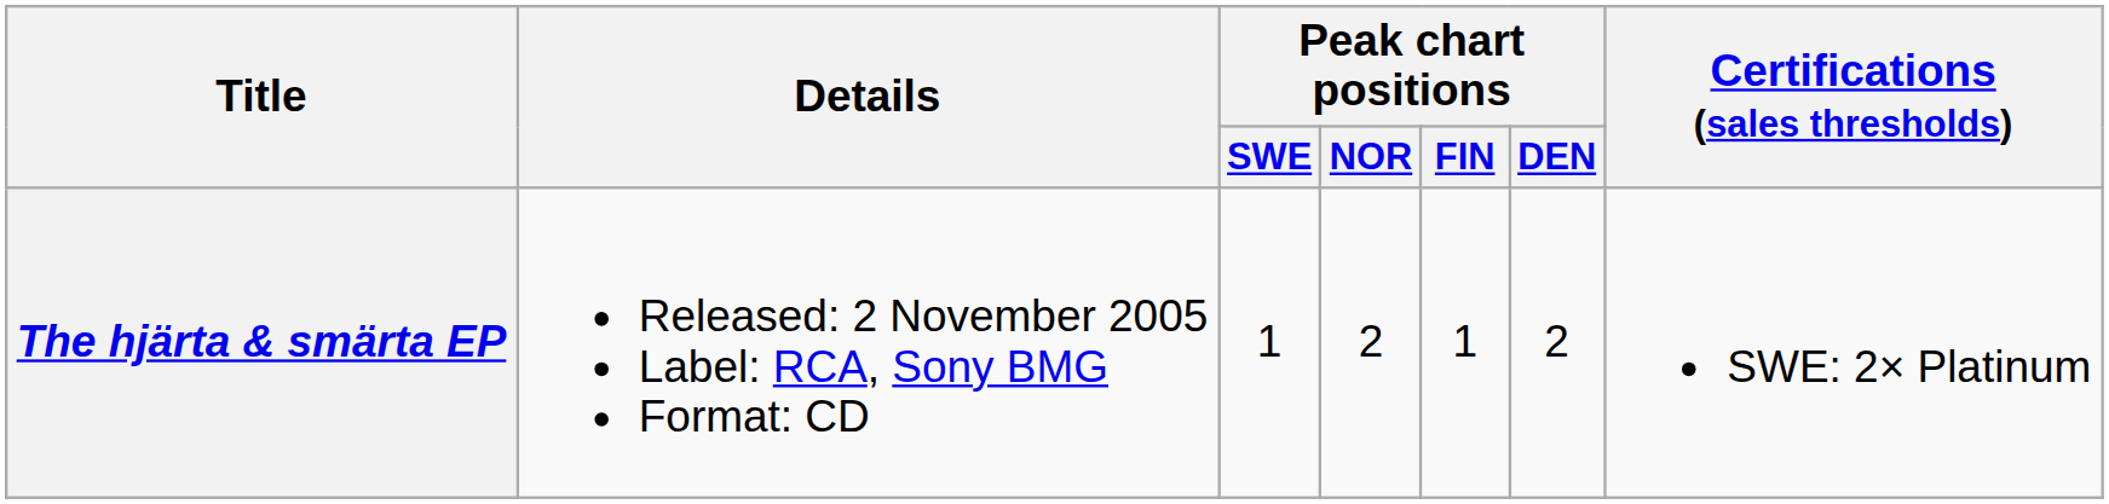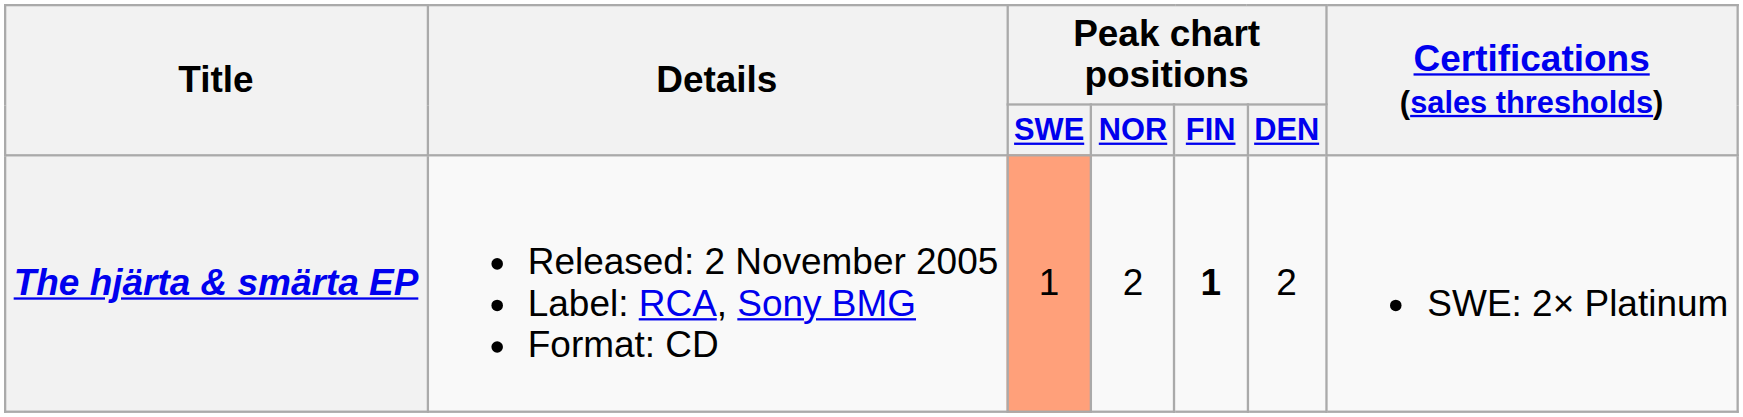 <table class="wikitable plainrowheaders">
 <tr>
 <th rowspan="2">Title</th>
 <th rowspan="2">Details</th>
 <th colspan="4">Peak chart positions</th>
 <th rowspan="2"><a href='#'>Certifications</a><br><small>(<a href='#'>sales thresholds</a>)</small></th>
 </tr>
 <tr style=font-size:smaller;>
 <th width=25><a href='#'>SWE</a><br></th>
 <th width=25><a href='#'>NOR</a><br></th>
 <th width=25><a href='#'>FIN</a><br></th>
 <th width=25><a href='#'>DEN</a><br></th>
 </tr>
 <tr>
 <th scope="row"><em><a href='#'>The hjärta & smärta EP</a></em></th>
 <td><br><ul><li>Released: 2 November 2005</li><li>Label: <a href='#'>RCA</a>, <a href='#'>Sony BMG</a></li><li>Format: CD</li></ul></td>
-<td style="text-align:center">1</td>
+<td style="background: lightsalmon; text-align:center">1</td>
 <td style="text-align:center">2</td>
-<td style="text-align:center">1</td>
+<td style="text-align:center"><strong>1</strong></td>
 <td style="text-align:center">2</td>
 <td align="left"><br><ul><li>SWE: 2× Platinum</li></ul></td>
 </tr>
 </table>
